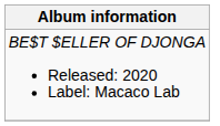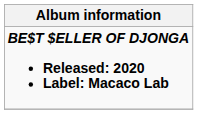 <table class="wikitable">
 <tr>
 <th align="left">Album information</th>
 </tr>
 <tr>
-<td><em>BE$T $ELLER OF DJONGA</em><br><ul><li>Released: 2020</li><li>Label: Macaco Lab</li></ul></td>
+<td><strong><em>BE$T $ELLER OF DJONGA</em><br><ul><li>Released: 2020</li><li>Label: Macaco Lab</li></ul></strong></td>
 </tr>
 <tr>
 </tr>
 </table>
